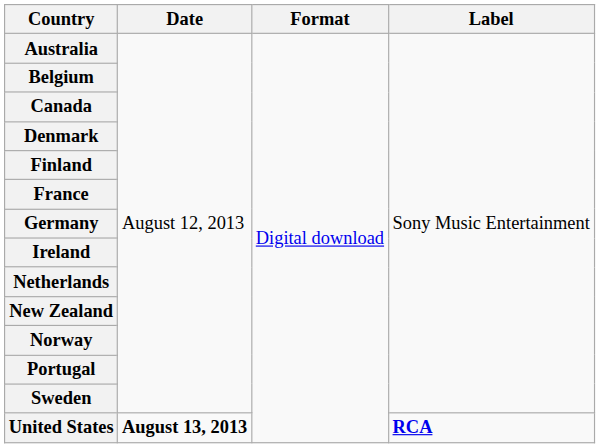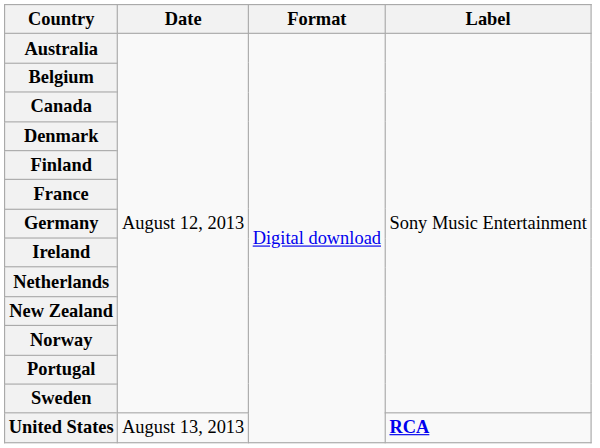 <table class="wikitable plainrowheaders">
 <tr>
 <th scope="col">Country</th>
 <th scope="col">Date</th>
 <th scope="col">Format</th>
 <th scope="col">Label</th>
 </tr>
 <tr>
 <th scope="row">Australia</th>
 <td rowspan="13">August 12, 2013</td>
 <td rowspan="14"><a href='#'>Digital download</a></td>
 <td rowspan="13">Sony Music Entertainment</td>
 </tr>
 <tr>
 <th scope="row">Belgium</th>
 </tr>
 <tr>
 <th scope="row">Canada</th>
 </tr>
 <tr>
 <th scope="row">Denmark</th>
 </tr>
 <tr>
 <th scope="row">Finland</th>
 </tr>
 <tr>
 <th scope="row">France</th>
 </tr>
 <tr>
 <th scope="row">Germany</th>
 </tr>
 <tr>
 <th scope="row">Ireland</th>
 </tr>
 <tr>
 <th scope="row">Netherlands</th>
 </tr>
 <tr>
 <th scope="row">New Zealand</th>
 </tr>
 <tr>
 <th scope="row">Norway</th>
 </tr>
 <tr>
 <th scope="row">Portugal</th>
 </tr>
 <tr>
 <th scope="row">Sweden</th>
 </tr>
 <tr>
 <th scope="row">United States</th>
-<td><strong>August 13, 2013</strong></td>
+<td>August 13, 2013</td>
 <td><strong><a href='#'>RCA</a></strong></td>
 </tr>
 </table>
